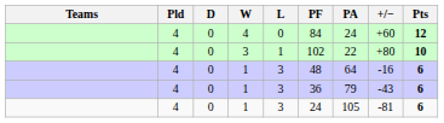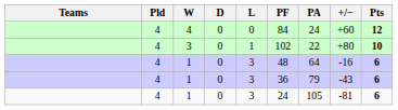 <table class="wikitable" style="text-align: center;">
 <tr>
 <th width="200">Teams</th>
 <th width="40">Pld</th>
+<th width="40">W</th>
 <th width="40">D</th>
-<th width="40">W</th>
 <th width="40">L</th>
 <th width="40">PF</th>
 <th width="40">PA</th>
 <th width="40">+/−</th>
 <th width="40">Pts</th>
 </tr>
 <tr bgcolor=ccffcc>
 <td align=left></td>
 <td>4</td>
+<td>4</td>
 <td>0</td>
-<td>4</td>
 <td>0</td>
 <td>84</td>
 <td>24</td>
 <td>+60</td>
 <td><strong>12</strong></td>
 </tr>
 <tr bgcolor=ccffcc>
 <td align=left></td>
 <td>4</td>
+<td>3</td>
 <td>0</td>
-<td>3</td>
 <td>1</td>
 <td>102</td>
 <td>22</td>
 <td>+80</td>
 <td><strong>10</strong></td>
 </tr>
 <tr bgcolor=ccccff>
 <td align=left></td>
 <td>4</td>
+<td>1</td>
 <td>0</td>
-<td>1</td>
 <td>3</td>
 <td>48</td>
 <td>64</td>
 <td>-16</td>
 <td><strong>6</strong></td>
 </tr>
 <tr bgcolor=ccccff>
 <td align=left></td>
 <td>4</td>
+<td>1</td>
 <td>0</td>
-<td>1</td>
 <td>3</td>
 <td>36</td>
 <td>79</td>
 <td>-43</td>
 <td><strong>6</strong></td>
 </tr>
 <tr>
 <td align=left></td>
 <td>4</td>
+<td>1</td>
 <td>0</td>
-<td>1</td>
 <td>3</td>
 <td>24</td>
 <td>105</td>
 <td>-81</td>
 <td><strong>6</strong></td>
 </tr>
 </table>
